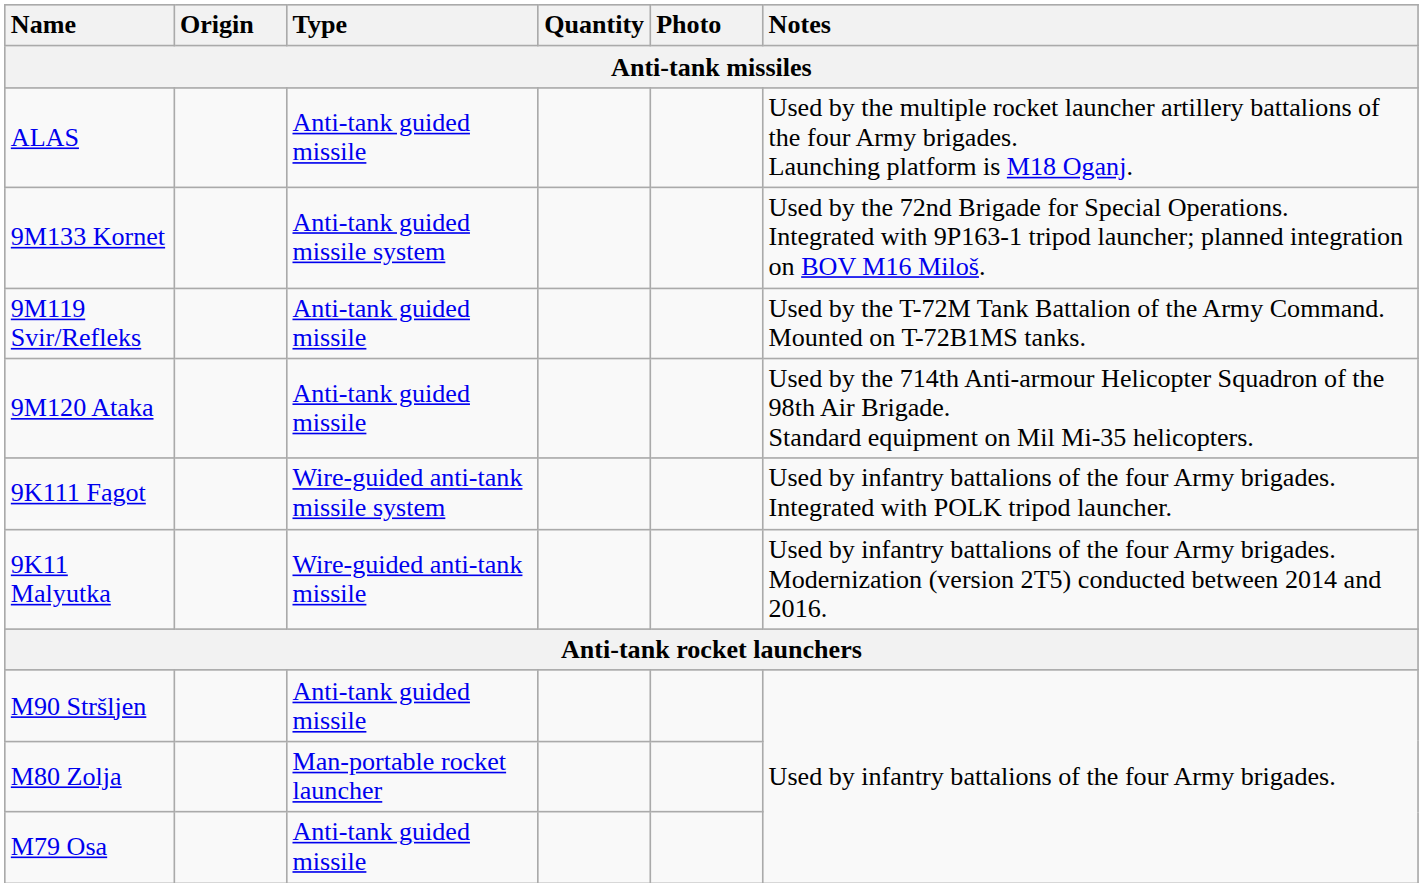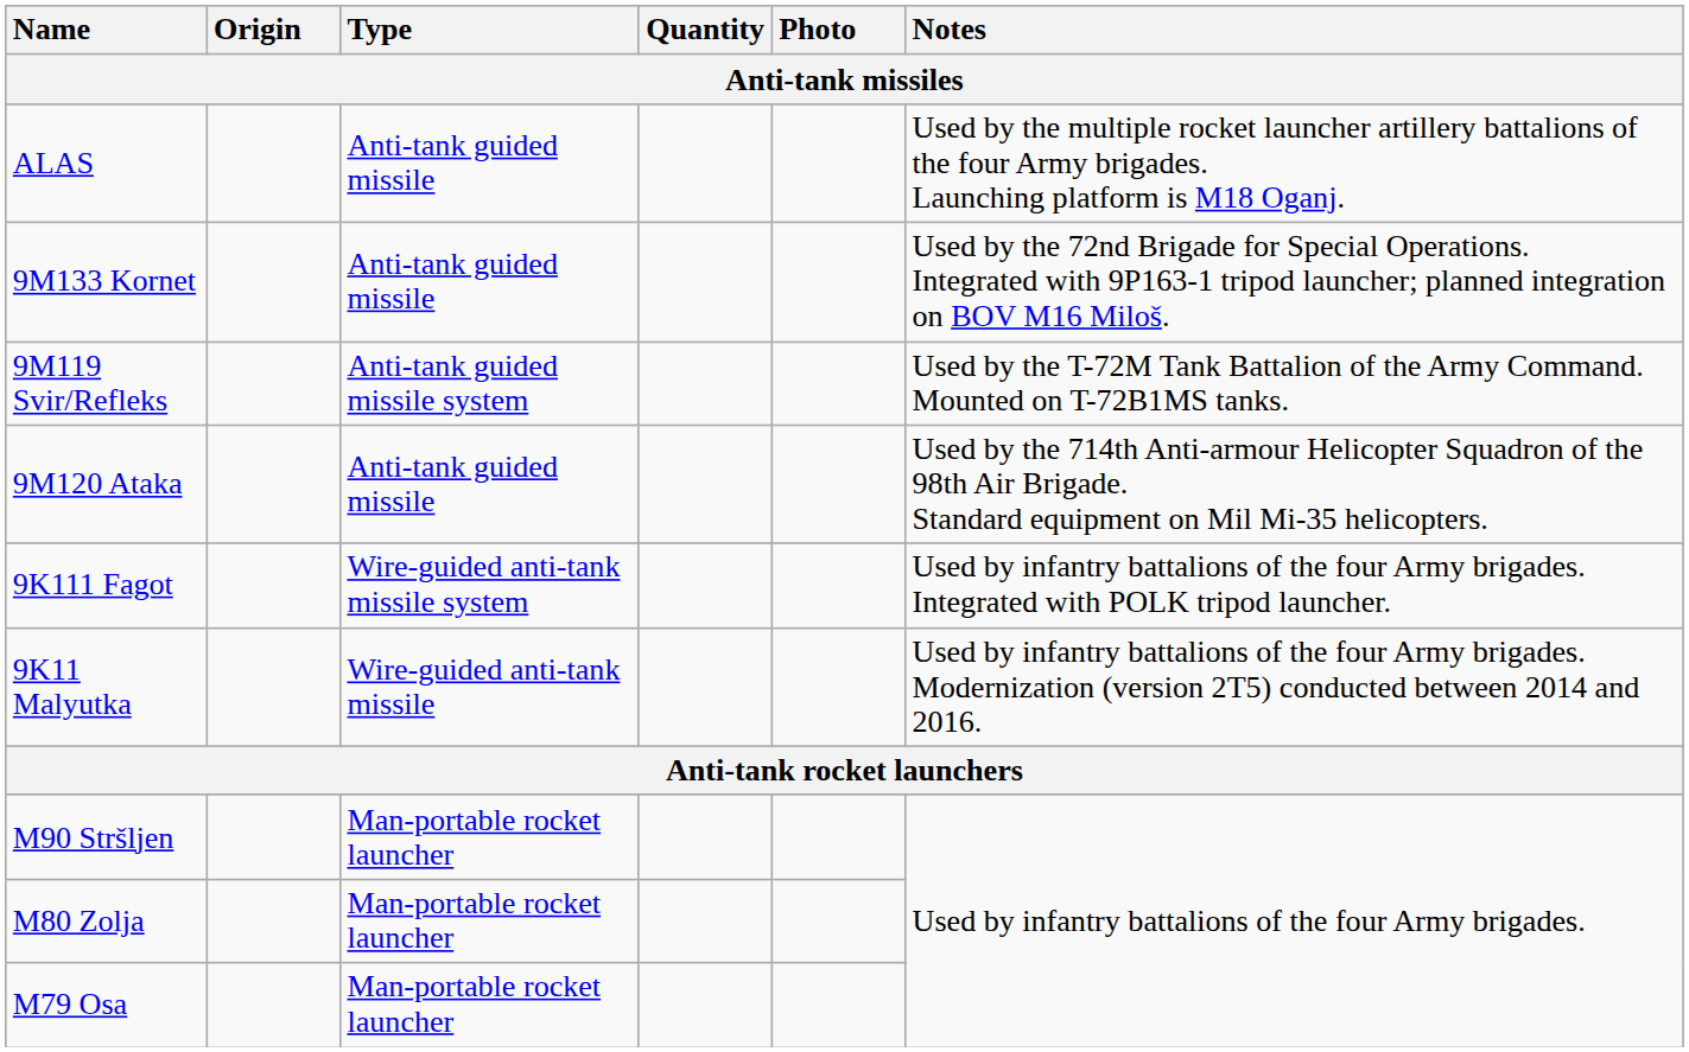 <table class="wikitable">
 <tr>
 <th style="text-align: left; width:12%;">Name</th>
 <th style="text-align: left; width:8%;">Origin</th>
 <th style="text-align: left; width:18%;">Type</th>
 <th style="text-align: left; width:7%;">Quantity</th>
 <th style="text-align: left;width:8%;">Photo</th>
 <th style="text-align: left;width:47%;">Notes</th>
 </tr>
 <tr>
 <th style="align: center;" colspan="7">Anti-tank missiles</th>
 </tr>
 <tr>
 <td><a href='#'>ALAS</a></td>
 <td></td>
 <td><a href='#'>Anti-tank guided missile</a></td>
 <td></td>
 <td></td>
 <td>Used by the multiple rocket launcher artillery battalions of the four Army brigades.<br>Launching platform is <a href='#'>M18 Oganj</a>.</td>
 </tr>
 <tr>
 <td><a href='#'>9M133 Kornet</a></td>
 <td></td>
-<td><a href='#'>Anti-tank guided missile system</a></td>
+<td><a href='#'>Anti-tank guided missile</a></td>
 <td></td>
 <td></td>
 <td>Used by the 72nd Brigade for Special Operations.<br>Integrated with 9P163-1 tripod launcher; planned integration on <a href='#'>BOV M16 Miloš</a>.</td>
 </tr>
 <tr>
 <td><a href='#'>9M119 Svir/Refleks</a></td>
 <td></td>
-<td><a href='#'>Anti-tank guided missile</a></td>
+<td><a href='#'>Anti-tank guided missile system</a></td>
 <td></td>
 <td></td>
 <td>Used by the T-72M Tank Battalion of the Army Command.<br>Mounted on T-72B1MS tanks.</td>
 </tr>
 <tr>
 <td><a href='#'>9M120 Ataka</a></td>
 <td></td>
 <td><a href='#'>Anti-tank guided missile</a></td>
 <td></td>
 <td></td>
 <td>Used by the 714th Anti-armour Helicopter Squadron of the 98th Air Brigade.<br>Standard equipment on Mil Mi-35 helicopters.</td>
 </tr>
 <tr>
 <td><a href='#'>9K111 Fagot</a></td>
 <td></td>
 <td><a href='#'>Wire-guided anti-tank missile system</a></td>
 <td></td>
 <td></td>
 <td>Used by infantry battalions of the four Army brigades.<br>Integrated with POLK tripod launcher.</td>
 </tr>
 <tr>
 <td><a href='#'>9K11 Malyutka</a></td>
 <td></td>
 <td><a href='#'>Wire-guided anti-tank missile</a></td>
 <td></td>
 <td></td>
 <td>Used by infantry battalions of the four Army brigades.<br>Modernization (version 2T5) conducted between 2014 and 2016.</td>
 </tr>
 <tr>
 <th style="align: center;" colspan="7">Anti-tank rocket launchers</th>
 </tr>
 <tr>
 <td><a href='#'>M90 Stršljen</a></td>
 <td></td>
-<td><a href='#'>Anti-tank guided missile</a></td>
+<td><a href='#'>Man-portable rocket launcher</a></td>
 <td></td>
 <td></td>
 <td rowspan="3">Used by infantry battalions of the four Army brigades.</td>
 </tr>
 <tr>
 <td><a href='#'>M80 Zolja</a></td>
 <td></td>
 <td><a href='#'>Man-portable rocket launcher</a></td>
 <td></td>
 <td></td>
 </tr>
 <tr>
 <td><a href='#'>M79 Osa</a></td>
 <td></td>
-<td><a href='#'>Anti-tank guided missile</a></td>
+<td><a href='#'>Man-portable rocket launcher</a></td>
 <td></td>
 <td></td>
 </tr>
 </table>
